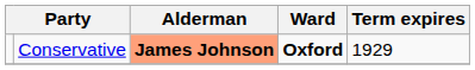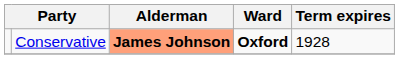 <table class="wikitable">
 <tr>
 <th colspan="2">Party</th>
 <th>Alderman</th>
 <th>Ward</th>
 <th>Term expires</th>
 </tr>
 <tr>
 <td style="background-color:"></td>
 <td><a href='#'>Conservative</a></td>
 <td style="background: lightsalmon;"><strong>James Johnson</strong></td>
 <td><strong>Oxford</strong></td>
-<td>1929</td>
+<td>1928</td>
 </tr>
 <tr>
 </tr>
 </table>
